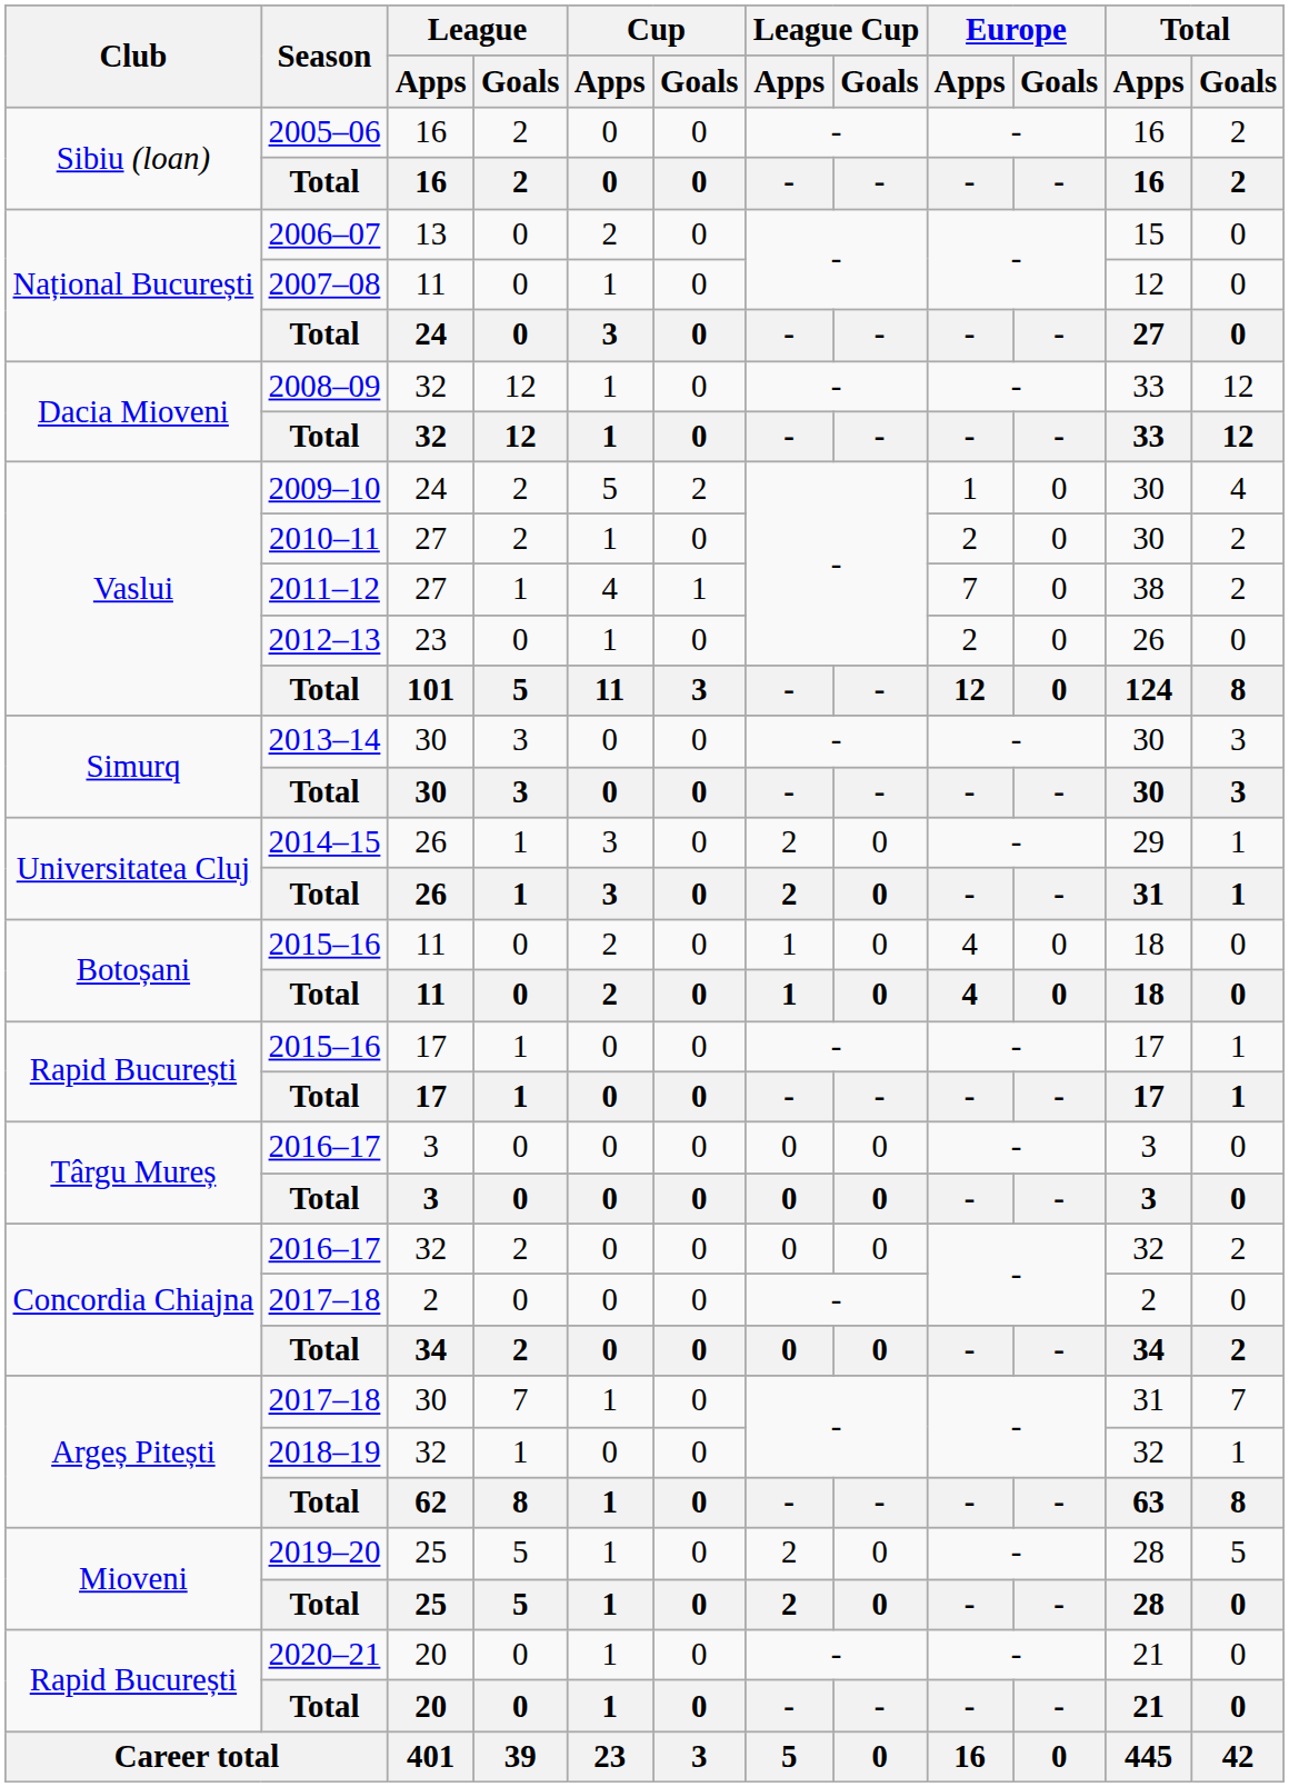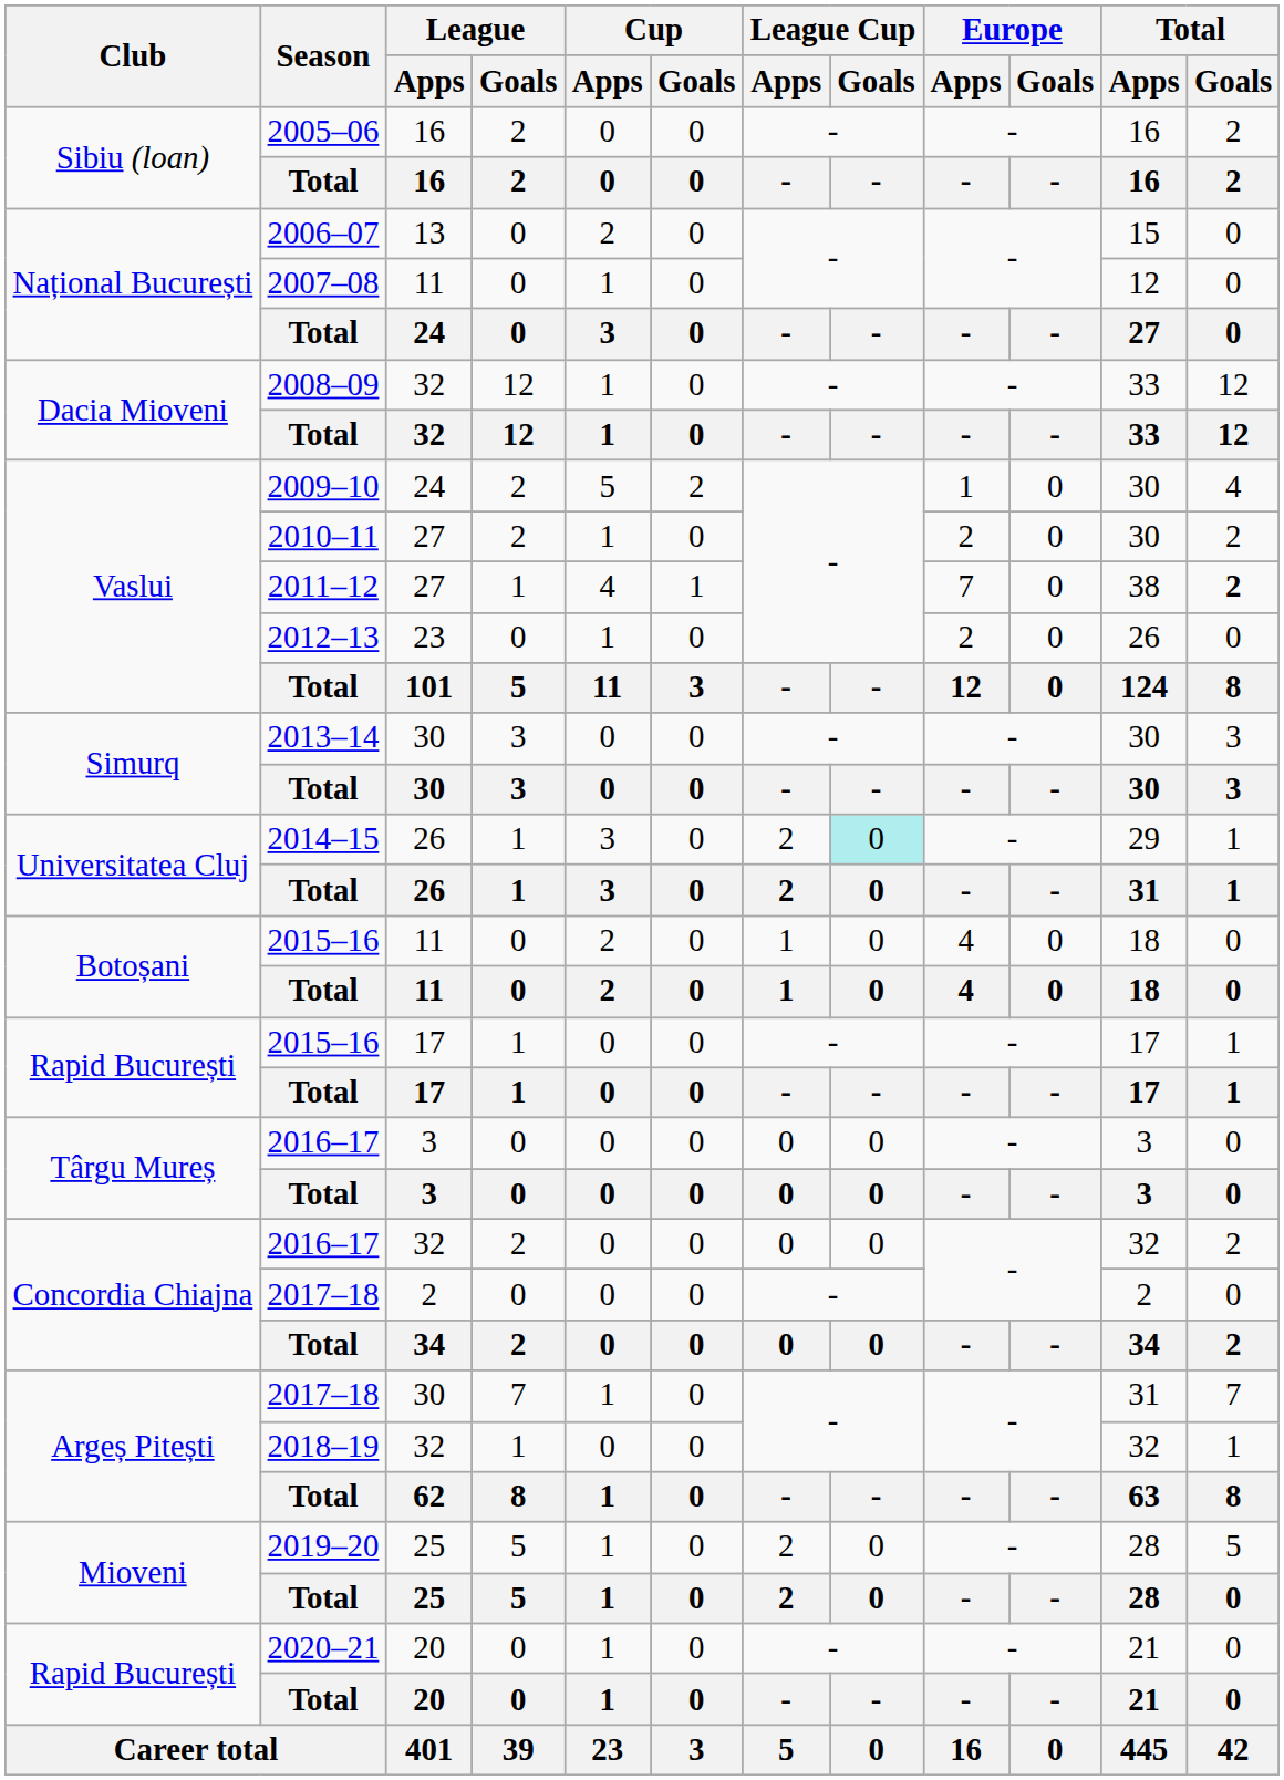 <table class="wikitable" style="text-align: center;">
 <tr>
 <th rowspan="2">Club</th>
 <th rowspan="2">Season</th>
 <th colspan="2">League</th>
 <th colspan="2">Cup</th>
 <th colspan="2">League Cup</th>
 <th colspan="2"><a href='#'>Europe</a></th>
 <th colspan="2">Total</th>
 </tr>
 <tr>
 <th>Apps</th>
 <th>Goals</th>
 <th>Apps</th>
 <th>Goals</th>
 <th>Apps</th>
 <th>Goals</th>
 <th>Apps</th>
 <th>Goals</th>
 <th>Apps</th>
 <th>Goals</th>
 </tr>
 <tr>
 <td rowspan="2"><a href='#'>Sibiu</a> <em>(loan)</em></td>
 <td><a href='#'>2005–06</a></td>
 <td>16</td>
 <td>2</td>
 <td>0</td>
 <td>0</td>
 <td colspan="2">-</td>
 <td colspan="2">-</td>
 <td>16</td>
 <td>2</td>
 </tr>
 <tr>
 <th>Total</th>
 <th>16</th>
 <th>2</th>
 <th>0</th>
 <th>0</th>
 <th>-</th>
 <th>-</th>
 <th>-</th>
 <th>-</th>
 <th>16</th>
 <th>2</th>
 </tr>
 <tr>
 <td rowspan="3"><a href='#'>Național București</a></td>
 <td><a href='#'>2006–07</a></td>
 <td>13</td>
 <td>0</td>
 <td>2</td>
 <td>0</td>
 <td rowspan=2 colspan="2">-</td>
 <td rowspan=2 colspan="2">-</td>
 <td>15</td>
 <td>0</td>
 </tr>
 <tr>
 <td><a href='#'>2007–08</a></td>
 <td>11</td>
 <td>0</td>
 <td>1</td>
 <td>0</td>
 <td>12</td>
 <td>0</td>
 </tr>
 <tr>
 <th>Total</th>
 <th>24</th>
 <th>0</th>
 <th>3</th>
 <th>0</th>
 <th>-</th>
 <th>-</th>
 <th>-</th>
 <th>-</th>
 <th>27</th>
 <th>0</th>
 </tr>
 <tr>
 <td rowspan="2"><a href='#'>Dacia Mioveni</a></td>
 <td><a href='#'>2008–09</a></td>
 <td>32</td>
 <td>12</td>
 <td>1</td>
 <td>0</td>
 <td colspan="2">-</td>
 <td colspan="2">-</td>
 <td>33</td>
 <td>12</td>
 </tr>
 <tr>
 <th>Total</th>
 <th>32</th>
 <th>12</th>
 <th>1</th>
 <th>0</th>
 <th>-</th>
 <th>-</th>
 <th>-</th>
 <th>-</th>
 <th>33</th>
 <th>12</th>
 </tr>
 <tr>
 <td rowspan="5"><a href='#'>Vaslui</a></td>
 <td><a href='#'>2009–10</a></td>
 <td>24</td>
 <td>2</td>
 <td>5</td>
 <td>2</td>
 <td rowspan=4 colspan="2">-</td>
 <td>1</td>
 <td>0</td>
 <td>30</td>
 <td>4</td>
 </tr>
 <tr>
 <td><a href='#'>2010–11</a></td>
 <td>27</td>
 <td>2</td>
 <td>1</td>
 <td>0</td>
 <td>2</td>
 <td>0</td>
 <td>30</td>
 <td>2</td>
 </tr>
 <tr>
 <td><a href='#'>2011–12</a></td>
 <td>27</td>
 <td>1</td>
 <td>4</td>
 <td>1</td>
 <td>7</td>
 <td>0</td>
 <td>38</td>
-<td>2</td>
+<td><strong>2</strong></td>
 </tr>
 <tr>
 <td><a href='#'>2012–13</a></td>
 <td>23</td>
 <td>0</td>
 <td>1</td>
 <td>0</td>
 <td>2</td>
 <td>0</td>
 <td>26</td>
 <td>0</td>
 </tr>
 <tr>
 <th>Total</th>
 <th>101</th>
 <th>5</th>
 <th>11</th>
 <th>3</th>
 <th>-</th>
 <th>-</th>
 <th>12</th>
 <th>0</th>
 <th>124</th>
 <th>8</th>
 </tr>
 <tr>
 <td rowspan="2"><a href='#'>Simurq</a></td>
 <td><a href='#'>2013–14</a></td>
 <td>30</td>
 <td>3</td>
 <td>0</td>
 <td>0</td>
 <td colspan="2">-</td>
 <td colspan="2">-</td>
 <td>30</td>
 <td>3</td>
 </tr>
 <tr>
 <th>Total</th>
 <th>30</th>
 <th>3</th>
 <th>0</th>
 <th>0</th>
 <th>-</th>
 <th>-</th>
 <th>-</th>
 <th>-</th>
 <th>30</th>
 <th>3</th>
 </tr>
 <tr>
 <td rowspan="2"><a href='#'>Universitatea Cluj</a></td>
 <td><a href='#'>2014–15</a></td>
 <td>26</td>
 <td>1</td>
 <td>3</td>
 <td>0</td>
 <td>2</td>
-<td>0</td>
+<td style="background: paleturquoise;">0</td>
 <td colspan="2">-</td>
 <td>29</td>
 <td>1</td>
 </tr>
 <tr>
 <th>Total</th>
 <th>26</th>
 <th>1</th>
 <th>3</th>
 <th>0</th>
 <th>2</th>
 <th>0</th>
 <th>-</th>
 <th>-</th>
 <th>31</th>
 <th>1</th>
 </tr>
 <tr>
 <td rowspan="2"><a href='#'>Botoșani</a></td>
 <td><a href='#'>2015–16</a></td>
 <td>11</td>
 <td>0</td>
 <td>2</td>
 <td>0</td>
 <td>1</td>
 <td>0</td>
 <td>4</td>
 <td>0</td>
 <td>18</td>
 <td>0</td>
 </tr>
 <tr>
 <th>Total</th>
 <th>11</th>
 <th>0</th>
 <th>2</th>
 <th>0</th>
 <th>1</th>
 <th>0</th>
 <th>4</th>
 <th>0</th>
 <th>18</th>
 <th>0</th>
 </tr>
 <tr>
 <td rowspan="2"><a href='#'>Rapid București</a></td>
 <td><a href='#'>2015–16</a></td>
 <td>17</td>
 <td>1</td>
 <td>0</td>
 <td>0</td>
 <td colspan="2">-</td>
 <td colspan="2">-</td>
 <td>17</td>
 <td>1</td>
 </tr>
 <tr>
 <th>Total</th>
 <th>17</th>
 <th>1</th>
 <th>0</th>
 <th>0</th>
 <th>-</th>
 <th>-</th>
 <th>-</th>
 <th>-</th>
 <th>17</th>
 <th>1</th>
 </tr>
 <tr>
 <td rowspan="2"><a href='#'>Târgu Mureș</a></td>
 <td><a href='#'>2016–17</a></td>
 <td>3</td>
 <td>0</td>
 <td>0</td>
 <td>0</td>
 <td>0</td>
 <td>0</td>
 <td colspan="2">-</td>
 <td>3</td>
 <td>0</td>
 </tr>
 <tr>
 <th>Total</th>
 <th>3</th>
 <th>0</th>
 <th>0</th>
 <th>0</th>
 <th>0</th>
 <th>0</th>
 <th>-</th>
 <th>-</th>
 <th>3</th>
 <th>0</th>
 </tr>
 <tr>
 <td rowspan="3"><a href='#'>Concordia Chiajna</a></td>
 <td><a href='#'>2016–17</a></td>
 <td>32</td>
 <td>2</td>
 <td>0</td>
 <td>0</td>
 <td>0</td>
 <td>0</td>
 <td rowspan=2 colspan="2">-</td>
 <td>32</td>
 <td>2</td>
 </tr>
 <tr>
 <td><a href='#'>2017–18</a></td>
 <td>2</td>
 <td>0</td>
 <td>0</td>
 <td>0</td>
 <td colspan="2">-</td>
 <td>2</td>
 <td>0</td>
 </tr>
 <tr>
 <th>Total</th>
 <th>34</th>
 <th>2</th>
 <th>0</th>
 <th>0</th>
 <th>0</th>
 <th>0</th>
 <th>-</th>
 <th>-</th>
 <th>34</th>
 <th>2</th>
 </tr>
 <tr>
 <td rowspan="3"><a href='#'>Argeș Pitești</a></td>
 <td><a href='#'>2017–18</a></td>
 <td>30</td>
 <td>7</td>
 <td>1</td>
 <td>0</td>
 <td rowspan=2 colspan="2">-</td>
 <td rowspan=2 colspan="2">-</td>
 <td>31</td>
 <td>7</td>
 </tr>
 <tr>
 <td><a href='#'>2018–19</a></td>
 <td>32</td>
 <td>1</td>
 <td>0</td>
 <td>0</td>
 <td>32</td>
 <td>1</td>
 </tr>
 <tr>
 <th>Total</th>
 <th>62</th>
 <th>8</th>
 <th>1</th>
 <th>0</th>
 <th>-</th>
 <th>-</th>
 <th>-</th>
 <th>-</th>
 <th>63</th>
 <th>8</th>
 </tr>
 <tr>
 <td rowspan="2"><a href='#'>Mioveni</a></td>
 <td><a href='#'>2019–20</a></td>
 <td>25</td>
 <td>5</td>
 <td>1</td>
 <td>0</td>
 <td>2</td>
 <td>0</td>
 <td colspan="2">-</td>
 <td>28</td>
 <td>5</td>
 </tr>
 <tr>
 <th>Total</th>
 <th>25</th>
 <th>5</th>
 <th>1</th>
 <th>0</th>
 <th>2</th>
 <th>0</th>
 <th>-</th>
 <th>-</th>
 <th>28</th>
 <th>0</th>
 </tr>
 <tr>
 <td rowspan="2"><a href='#'>Rapid București</a></td>
 <td><a href='#'>2020–21</a></td>
 <td>20</td>
 <td>0</td>
 <td>1</td>
 <td>0</td>
 <td colspan="2">-</td>
 <td colspan="2">-</td>
 <td>21</td>
 <td>0</td>
 </tr>
 <tr>
 <th>Total</th>
 <th>20</th>
 <th>0</th>
 <th>1</th>
 <th>0</th>
 <th>-</th>
 <th>-</th>
 <th>-</th>
 <th>-</th>
 <th>21</th>
 <th>0</th>
 </tr>
 <tr>
 <th colspan="2">Career total</th>
 <th>401</th>
 <th>39</th>
 <th>23</th>
 <th>3</th>
 <th>5</th>
 <th>0</th>
 <th>16</th>
 <th>0</th>
 <th>445</th>
 <th>42</th>
 </tr>
 </table>
